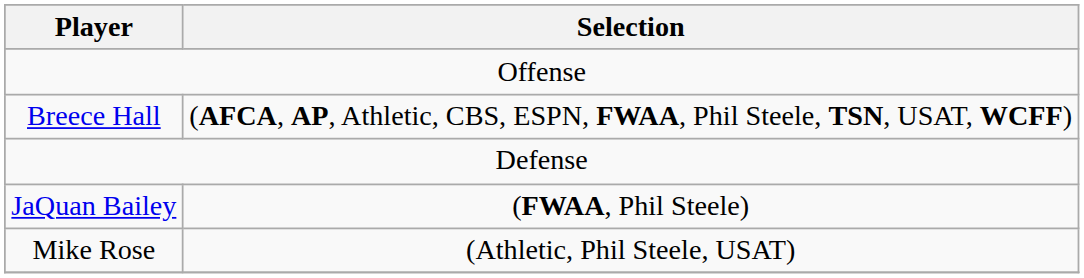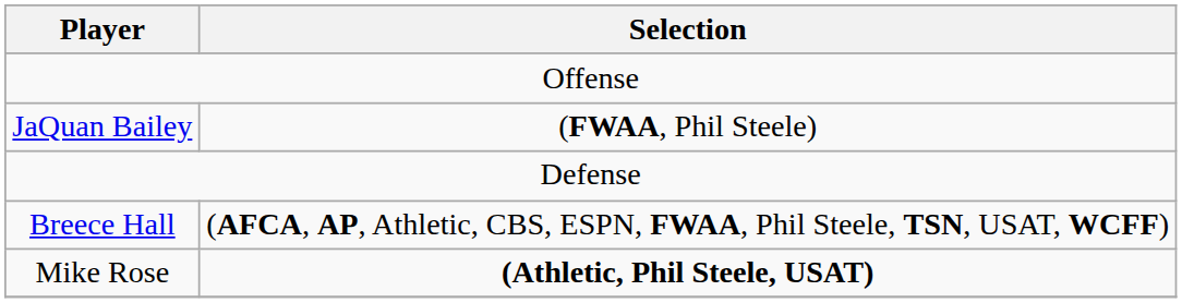 <table class="wikitable" style="text-align: center">
 <tr align="center">
 <th>Player</th>
 <th>Selection</th>
 </tr>
 <tr>
 <td colspan="2">Offense</td>
 </tr>
 <tr>
-<td><a href='#'>Breece Hall</a></td>
-<td>(<strong>AFCA</strong>, <strong>AP</strong>, Athletic, CBS, ESPN, <strong>FWAA</strong>, Phil Steele, <strong>TSN</strong>, USAT, <strong>WCFF</strong>)</td>
+<td><a href='#'>JaQuan Bailey</a></td>
+<td>(<strong>FWAA</strong>, Phil Steele)</td>
 </tr>
 <tr>
 <td colspan="2">Defense</td>
 </tr>
 <tr>
-<td><a href='#'>JaQuan Bailey</a></td>
-<td>(<strong>FWAA</strong>, Phil Steele)</td>
+<td><a href='#'>Breece Hall</a></td>
+<td>(<strong>AFCA</strong>, <strong>AP</strong>, Athletic, CBS, ESPN, <strong>FWAA</strong>, Phil Steele, <strong>TSN</strong>, USAT, <strong>WCFF</strong>)</td>
 </tr>
 <tr>
 <td>Mike Rose</td>
-<td>(Athletic, Phil Steele, USAT)</td>
+<td><strong>(Athletic, Phil Steele, USAT)</strong></td>
 </tr>
 <tr>
 </tr>
 </table>
